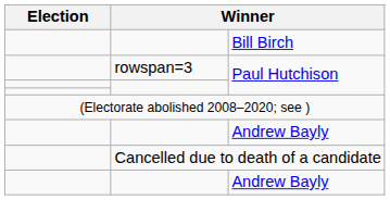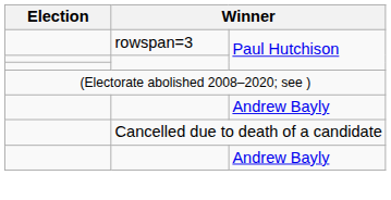 <table class=wikitable>
 <tr>
 <th width=100>Election</th>
 <th width=175 colspan=2>Winner</th>
-</tr>
-<tr>
-<td></td>
-<td></td>
-<td><a href='#'>Bill Birch</a></td>
 </tr>
 <tr>
 <td></td>
 <td>rowspan=3 </td>
 <td rowspan=3><a href='#'>Paul Hutchison</a></td>
 </tr>
 <tr>
 <td></td>
 </tr>
 <tr>
 <td></td>
 </tr>
 <tr>
 <td colspan=3 align=center><small>(Electorate abolished 2008–2020; see )</small></td>
 </tr>
 <tr>
 <td></td>
 <td></td>
 <td><a href='#'>Andrew Bayly</a></td>
 </tr>
 <tr>
 <td></td>
 <td colspan=2>Cancelled due to death of a candidate</td>
 </tr>
 <tr>
 <td></td>
 <td></td>
 <td><a href='#'>Andrew Bayly</a></td>
 </tr>
 </table>
